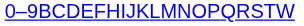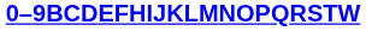 <table id="toc" class="toc" summary="Class">
 <tr>
 <th></th>
 </tr>
 <tr>
-<td style="text-align:center;"><a href='#'>0–9</a><a href='#'>B</a><a href='#'>C</a><a href='#'>D</a><a href='#'>E</a><a href='#'>F</a><a href='#'>H</a><a href='#'>I</a><a href='#'>J</a><a href='#'>K</a><a href='#'>L</a><a href='#'>M</a><a href='#'>N</a><a href='#'>O</a><a href='#'>P</a><a href='#'>Q</a><a href='#'>R</a><a href='#'>S</a><a href='#'>T</a><a href='#'>W</a></td>
+<td style="text-align:center;"><strong><a href='#'>0–9</a><a href='#'>B</a><a href='#'>C</a><a href='#'>D</a><a href='#'>E</a><a href='#'>F</a><a href='#'>H</a><a href='#'>I</a><a href='#'>J</a><a href='#'>K</a><a href='#'>L</a><a href='#'>M</a><a href='#'>N</a><a href='#'>O</a><a href='#'>P</a><a href='#'>Q</a><a href='#'>R</a><a href='#'>S</a><a href='#'>T</a><a href='#'>W</a></strong></td>
 </tr>
 </table>
